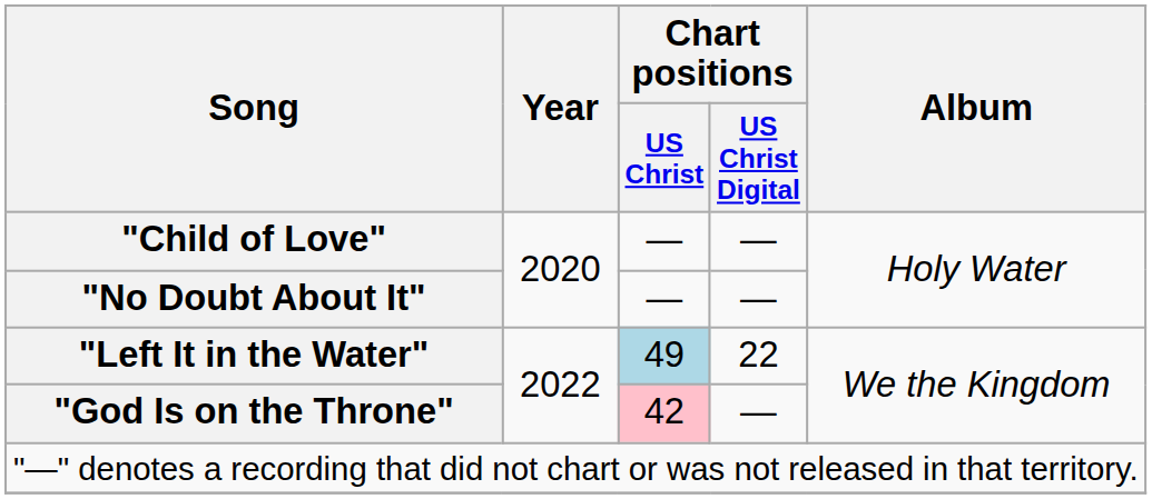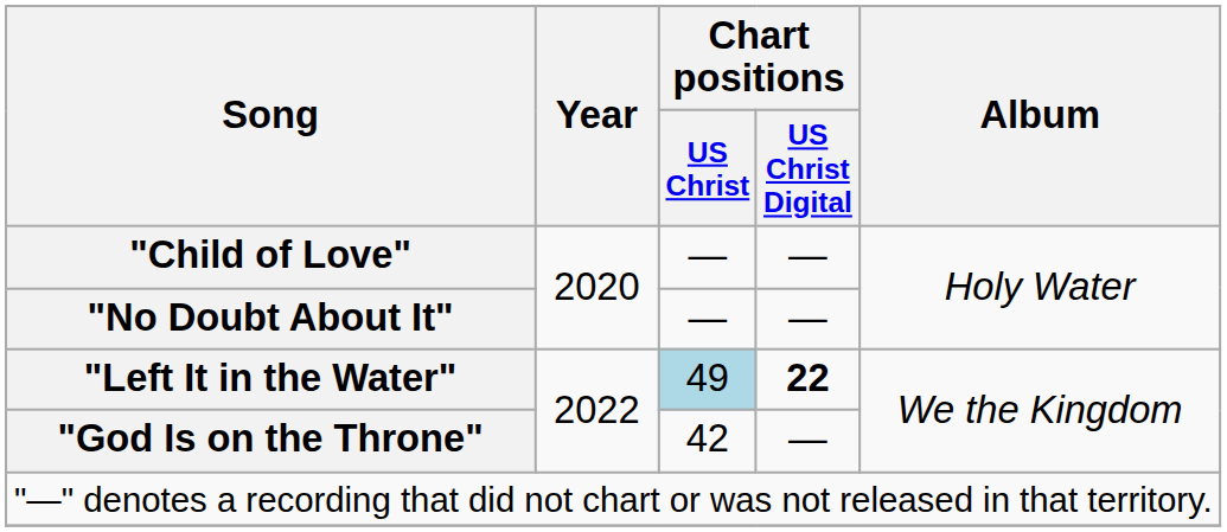 <table class="wikitable plainrowheaders" style="text-align:center;">
 <tr>
 <th rowspan="2">Song</th>
 <th rowspan="2">Year</th>
 <th colspan="2">Chart positions</th>
 <th rowspan="2">Album</th>
 </tr>
 <tr style="font-size:smaller;">
 <th scope="col" style="width:2.5em;font-size:90%;"><a href='#'>US<br>Christ</a><br></th>
 <th scope="col" style="width:3em;font-size:90%;"><a href='#'>US<br>Christ Digital</a><br></th>
 </tr>
 <tr>
 <th scope="row">"Child of Love"</th>
 <td rowspan="2">2020</td>
 <td>—</td>
 <td>—</td>
 <td rowspan="2"><em>Holy Water</em></td>
 </tr>
 <tr>
 <th scope="row">"No Doubt About It"</th>
 <td>—</td>
 <td>—</td>
 </tr>
 <tr>
 <th scope="row">"Left It in the Water"</th>
 <td rowspan="2">2022</td>
 <td style="background: lightblue;">49</td>
-<td>22</td>
+<td><strong>22</strong></td>
 <td rowspan="2"><em>We the Kingdom</em></td>
 </tr>
 <tr>
 <th scope="row">"God Is on the Throne"</th>
-<td style="background: pink;">42</td>
+<td>42</td>
 <td>—</td>
 </tr>
 <tr>
 <td colspan="5" style="font-size:90%">"—" denotes a recording that did not chart or was not released in that territory.</td>
 </tr>
 <tr>
 </tr>
 </table>
